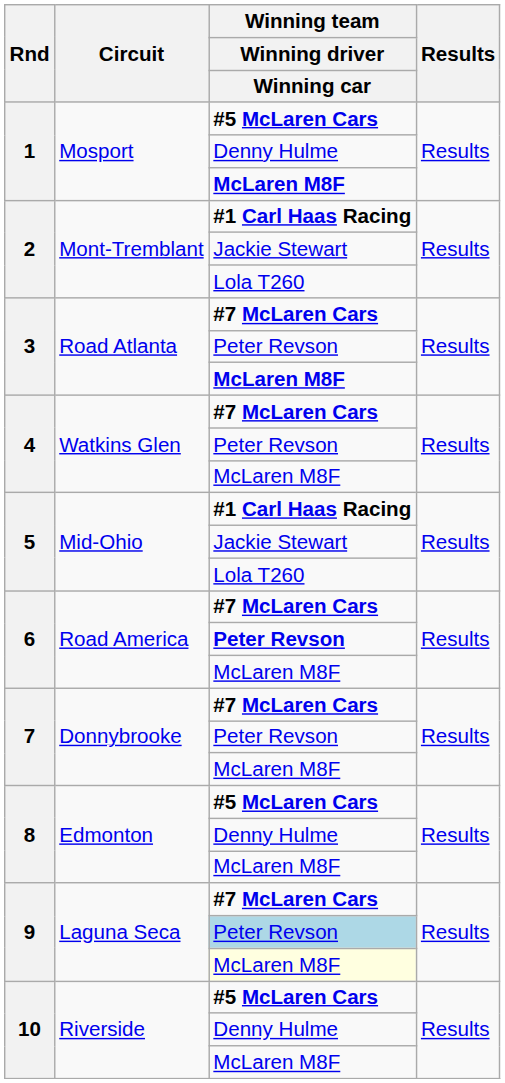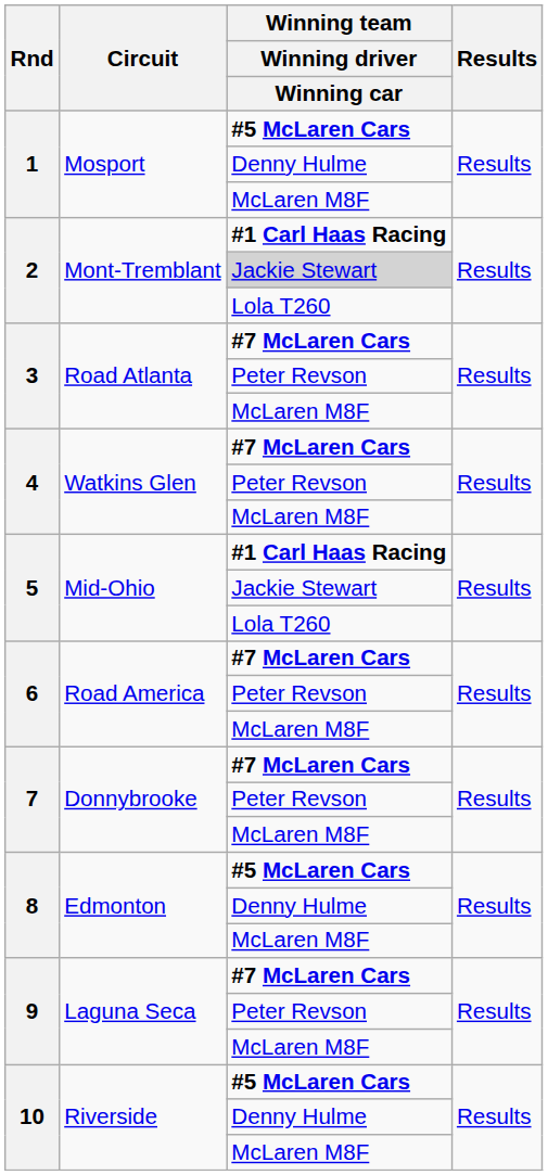 <table class="wikitable" style="font-size: 90%;">
 <tr>
 <th rowspan=3>Rnd</th>
 <th rowspan=3>Circuit</th>
 <th>Winning team</th>
 <th rowspan=3>Results</th>
 </tr>
 <tr>
 <th>Winning driver</th>
 </tr>
 <tr>
 <th>Winning car</th>
 </tr>
 <tr>
 <th rowspan=3>1</th>
 <td rowspan=3><a href='#'>Mosport</a></td>
 <td><strong> #5 <a href='#'>McLaren Cars</a></strong></td>
 <td rowspan=3><a href='#'>Results</a></td>
 </tr>
 <tr>
 <td> <a href='#'>Denny Hulme</a></td>
 </tr>
 <tr>
-<td><strong><a href='#'>McLaren M8F</a></strong></td>
+<td><a href='#'>McLaren M8F</a></td>
 </tr>
 <tr>
 <th rowspan=3>2</th>
 <td rowspan=3><a href='#'>Mont-Tremblant</a></td>
 <td><strong> #1 <a href='#'>Carl Haas</a> Racing</strong></td>
 <td rowspan=3><a href='#'>Results</a></td>
 </tr>
 <tr>
-<td> <a href='#'>Jackie Stewart</a></td>
+<td style="background: lightgrey;"> <a href='#'>Jackie Stewart</a></td>
 </tr>
 <tr>
 <td><a href='#'>Lola T260</a></td>
 </tr>
 <tr>
 <th rowspan=3>3</th>
 <td rowspan=3><a href='#'>Road Atlanta</a></td>
 <td><strong> #7 <a href='#'>McLaren Cars</a></strong></td>
 <td rowspan=3><a href='#'>Results</a></td>
 </tr>
 <tr>
 <td> <a href='#'>Peter Revson</a></td>
 </tr>
 <tr>
-<td><strong><a href='#'>McLaren M8F</a></strong></td>
+<td><a href='#'>McLaren M8F</a></td>
 </tr>
 <tr>
 <th rowspan=3>4</th>
 <td rowspan=3><a href='#'>Watkins Glen</a></td>
 <td><strong> #7 <a href='#'>McLaren Cars</a></strong></td>
 <td rowspan=3><a href='#'>Results</a></td>
 </tr>
 <tr>
 <td> <a href='#'>Peter Revson</a></td>
 </tr>
 <tr>
 <td><a href='#'>McLaren M8F</a></td>
 </tr>
 <tr>
 <th rowspan=3>5</th>
 <td rowspan=3><a href='#'>Mid-Ohio</a></td>
 <td><strong> #1 <a href='#'>Carl Haas</a> Racing</strong></td>
 <td rowspan=3><a href='#'>Results</a></td>
 </tr>
 <tr>
 <td> <a href='#'>Jackie Stewart</a></td>
 </tr>
 <tr>
 <td><a href='#'>Lola T260</a></td>
 </tr>
 <tr>
 <th rowspan=3>6</th>
 <td rowspan=3><a href='#'>Road America</a></td>
 <td><strong> #7 <a href='#'>McLaren Cars</a></strong></td>
 <td rowspan=3><a href='#'>Results</a></td>
 </tr>
 <tr>
-<td><strong> <a href='#'>Peter Revson</a></strong></td>
+<td> <a href='#'>Peter Revson</a></td>
 </tr>
 <tr>
 <td><a href='#'>McLaren M8F</a></td>
 </tr>
 <tr>
 <th rowspan=3>7</th>
 <td rowspan=3><a href='#'>Donnybrooke</a></td>
 <td><strong> #7 <a href='#'>McLaren Cars</a></strong></td>
 <td rowspan=3><a href='#'>Results</a></td>
 </tr>
 <tr>
 <td> <a href='#'>Peter Revson</a></td>
 </tr>
 <tr>
 <td><a href='#'>McLaren M8F</a></td>
 </tr>
 <tr>
 <th rowspan=3>8</th>
 <td rowspan=3><a href='#'>Edmonton</a></td>
 <td><strong> #5 <a href='#'>McLaren Cars</a></strong></td>
 <td rowspan=3><a href='#'>Results</a></td>
 </tr>
 <tr>
 <td> <a href='#'>Denny Hulme</a></td>
 </tr>
 <tr>
 <td><a href='#'>McLaren M8F</a></td>
 </tr>
 <tr>
 <th rowspan=3>9</th>
 <td rowspan=3><a href='#'>Laguna Seca</a></td>
 <td><strong> #7 <a href='#'>McLaren Cars</a></strong></td>
 <td rowspan=3><a href='#'>Results</a></td>
 </tr>
 <tr>
-<td style="background: lightblue;"> <a href='#'>Peter Revson</a></td>
+<td> <a href='#'>Peter Revson</a></td>
 </tr>
 <tr>
-<td style="background: lightyellow;"><a href='#'>McLaren M8F</a></td>
+<td><a href='#'>McLaren M8F</a></td>
 </tr>
 <tr>
 <th rowspan=3>10</th>
 <td rowspan=3><a href='#'>Riverside</a></td>
 <td><strong> #5 <a href='#'>McLaren Cars</a></strong></td>
 <td rowspan=3><a href='#'>Results</a></td>
 </tr>
 <tr>
 <td> <a href='#'>Denny Hulme</a></td>
 </tr>
 <tr>
 <td><a href='#'>McLaren M8F</a></td>
 </tr>
 <tr>
 </tr>
 </table>
